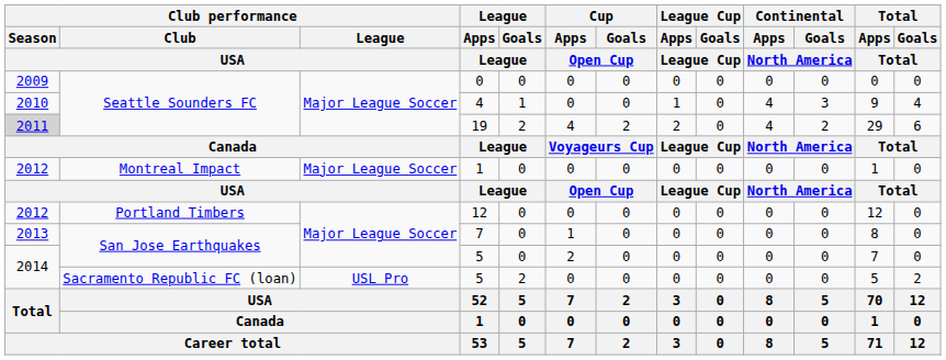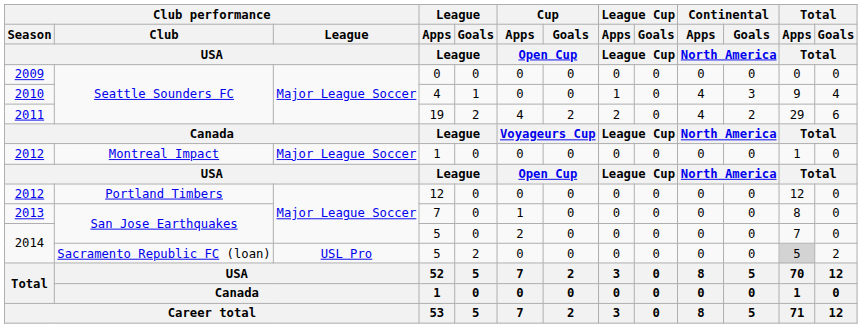 <table class="wikitable" style="text-align:center">
 <tr>
 <th colspan=3>Club performance</th>
 <th colspan=2>League</th>
 <th colspan=2>Cup</th>
 <th colspan=2>League Cup</th>
 <th colspan=2>Continental</th>
 <th colspan=2>Total</th>
 </tr>
 <tr>
 <th>Season</th>
 <th>Club</th>
 <th>League</th>
 <th>Apps</th>
 <th>Goals</th>
 <th>Apps</th>
 <th>Goals</th>
 <th>Apps</th>
 <th>Goals</th>
 <th>Apps</th>
 <th>Goals</th>
 <th>Apps</th>
 <th>Goals</th>
 </tr>
 <tr>
 <th colspan=3>USA</th>
 <th colspan=2>League</th>
 <th colspan=2><a href='#'>Open Cup</a></th>
 <th colspan=2>League Cup</th>
 <th colspan=2><a href='#'>North America</a></th>
 <th colspan=2>Total</th>
 </tr>
 <tr>
 <td><a href='#'>2009</a></td>
 <td rowspan="3"><a href='#'>Seattle Sounders FC</a></td>
 <td rowspan="3"><a href='#'>Major League Soccer</a></td>
 <td>0</td>
 <td>0</td>
 <td>0</td>
 <td>0</td>
 <td>0</td>
 <td>0</td>
 <td>0</td>
 <td>0</td>
 <td>0</td>
 <td>0</td>
 </tr>
 <tr>
 <td><a href='#'>2010</a></td>
 <td>4</td>
 <td>1</td>
 <td>0</td>
 <td>0</td>
 <td>1</td>
 <td>0</td>
 <td>4</td>
 <td>3</td>
 <td>9</td>
 <td>4</td>
 </tr>
 <tr>
-<td style="background: lightgrey;"><a href='#'>2011</a></td>
+<td><a href='#'>2011</a></td>
 <td>19</td>
 <td>2</td>
 <td>4</td>
 <td>2</td>
 <td>2</td>
 <td>0</td>
 <td>4</td>
 <td>2</td>
 <td>29</td>
 <td>6</td>
 </tr>
 <tr>
 <th colspan=3>Canada</th>
 <th colspan=2>League</th>
 <th colspan=2><a href='#'>Voyageurs Cup</a></th>
 <th colspan=2>League Cup</th>
 <th colspan=2><a href='#'>North America</a></th>
 <th colspan=2>Total</th>
 </tr>
 <tr>
 <td><a href='#'>2012</a></td>
 <td><a href='#'>Montreal Impact</a></td>
 <td><a href='#'>Major League Soccer</a></td>
 <td>1</td>
 <td>0</td>
 <td>0</td>
 <td>0</td>
 <td>0</td>
 <td>0</td>
 <td>0</td>
 <td>0</td>
 <td>1</td>
 <td>0</td>
 </tr>
 <tr>
 <th colspan=3>USA</th>
 <th colspan=2>League</th>
 <th colspan=2><a href='#'>Open Cup</a></th>
 <th colspan=2>League Cup</th>
 <th colspan=2><a href='#'>North America</a></th>
 <th colspan=2>Total</th>
 </tr>
 <tr>
 <td><a href='#'>2012</a></td>
 <td><a href='#'>Portland Timbers</a></td>
 <td rowspan="3"><a href='#'>Major League Soccer</a></td>
 <td>12</td>
 <td>0</td>
 <td>0</td>
 <td>0</td>
 <td>0</td>
 <td>0</td>
 <td>0</td>
 <td>0</td>
 <td>12</td>
 <td>0</td>
 </tr>
 <tr>
 <td><a href='#'>2013</a></td>
 <td rowspan="2"><a href='#'>San Jose Earthquakes</a></td>
 <td>7</td>
 <td>0</td>
 <td>1</td>
 <td>0</td>
 <td>0</td>
 <td>0</td>
 <td>0</td>
 <td>0</td>
 <td>8</td>
 <td>0</td>
 </tr>
 <tr>
 <td rowspan="2">2014</td>
 <td>5</td>
 <td>0</td>
 <td>2</td>
 <td>0</td>
 <td>0</td>
 <td>0</td>
 <td>0</td>
 <td>0</td>
 <td>7</td>
 <td>0</td>
 </tr>
 <tr>
 <td><a href='#'>Sacramento Republic FC</a> (loan)</td>
 <td><a href='#'>USL Pro</a></td>
 <td>5</td>
 <td>2</td>
 <td>0</td>
 <td>0</td>
 <td>0</td>
 <td>0</td>
 <td>0</td>
 <td>0</td>
-<td>5</td>
+<td style="background: lightgrey;">5</td>
 <td>2</td>
 </tr>
 <tr>
 <th rowspan=2>Total</th>
 <th colspan=2>USA</th>
 <th>52</th>
 <th>5</th>
 <th>7</th>
 <th>2</th>
 <th>3</th>
 <th>0</th>
 <th>8</th>
 <th>5</th>
 <th>70</th>
 <th>12</th>
 </tr>
 <tr>
 <th colspan=2>Canada</th>
 <th>1</th>
 <th>0</th>
 <th>0</th>
 <th>0</th>
 <th>0</th>
 <th>0</th>
 <th>0</th>
 <th>0</th>
 <th>1</th>
 <th>0</th>
 </tr>
 <tr>
 <th colspan=3>Career total</th>
 <th>53</th>
 <th>5</th>
 <th>7</th>
 <th>2</th>
 <th>3</th>
 <th>0</th>
 <th>8</th>
 <th>5</th>
 <th>71</th>
 <th>12</th>
 </tr>
 </table>
